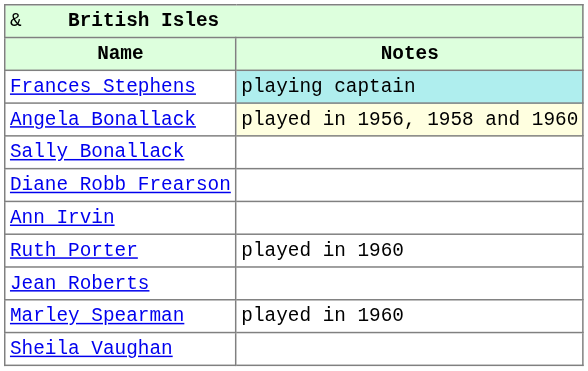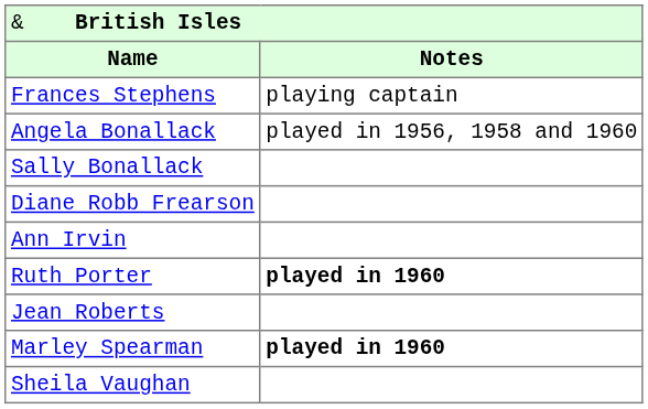 <table border="1" cellpadding="3" style="border-collapse: collapse;">
 <tr style="background:#ddffdd;">
 <td colspan=5> &    <strong>British Isles</strong></td>
 </tr>
 <tr style="background:#ddffdd;">
 <th>Name</th>
 <th>Notes</th>
 </tr>
 <tr>
 <td> <a href='#'>Frances Stephens</a></td>
-<td style="background: paleturquoise;">playing captain</td>
+<td>playing captain</td>
 </tr>
 <tr>
 <td> <a href='#'>Angela Bonallack</a></td>
-<td style="background: lightyellow;">played in 1956, 1958 and 1960</td>
+<td>played in 1956, 1958 and 1960</td>
 </tr>
 <tr>
 <td> <a href='#'>Sally Bonallack</a></td>
 <td></td>
 </tr>
 <tr>
 <td> <a href='#'>Diane Robb Frearson</a></td>
 <td></td>
 </tr>
 <tr>
 <td> <a href='#'>Ann Irvin</a></td>
 <td></td>
 </tr>
 <tr>
 <td> <a href='#'>Ruth Porter</a></td>
-<td>played in 1960</td>
+<td><strong>played in 1960</strong></td>
 </tr>
 <tr>
 <td> <a href='#'>Jean Roberts</a></td>
 <td></td>
 </tr>
 <tr>
 <td> <a href='#'>Marley Spearman</a></td>
-<td>played in 1960</td>
+<td><strong>played in 1960</strong></td>
 </tr>
 <tr>
 <td> <a href='#'>Sheila Vaughan</a></td>
 <td></td>
 </tr>
 </table>
